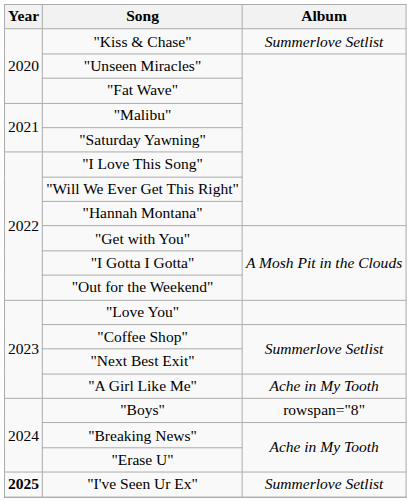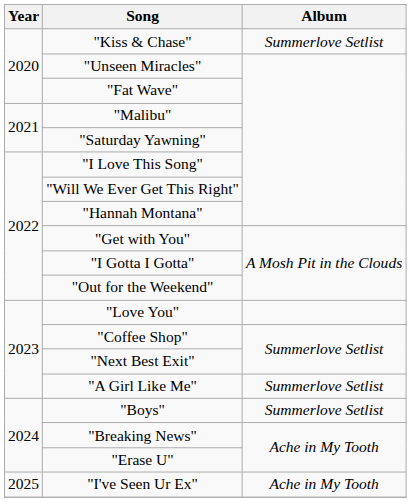 <table class="wikitable plainrowheaders" style=text-align:center;>
 <tr>
 <th>Year</th>
 <th>Song</th>
 <th>Album</th>
 </tr>
 <tr>
 <td rowspan="3">2020</td>
 <td>"Kiss & Chase"</td>
 <td><em>Summerlove Setlist</em></td>
 </tr>
 <tr>
 <td>"Unseen Miracles"</td>
 </tr>
 <tr>
 <td>"Fat Wave"</td>
 </tr>
 <tr>
 <td rowspan="2">2021</td>
 <td>"Malibu"</td>
 </tr>
 <tr>
 <td>"Saturday Yawning"</td>
 </tr>
 <tr>
 <td rowspan="6">2022</td>
 <td>"I Love This Song"</td>
 </tr>
 <tr>
 <td>"Will We Ever Get This Right"</td>
 </tr>
 <tr>
 <td>"Hannah Montana"</td>
 </tr>
 <tr>
 <td>"Get with You"</td>
 <td rowspan="3"><em>A Mosh Pit in the Clouds</em></td>
 </tr>
 <tr>
 <td>"I Gotta I Gotta"</td>
 </tr>
 <tr>
 <td>"Out for the Weekend"</td>
 </tr>
 <tr>
 <td rowspan="4">2023</td>
 <td>"Love You"</td>
 <td></td>
 </tr>
 <tr>
 <td>"Coffee Shop"</td>
 <td rowspan="2"><em>Summerlove Setlist</em></td>
 </tr>
 <tr>
 <td>"Next Best Exit"</td>
 </tr>
 <tr>
 <td>"A Girl Like Me"</td>
-<td><em>Ache in My Tooth</em></td>
+<td><em>Summerlove Setlist</em></td>
 </tr>
 <tr>
 <td rowspan="3">2024</td>
 <td>"Boys"</td>
-<td>rowspan="8" </td>
+<td><em>Summerlove Setlist</em></td>
 </tr>
 <tr>
 <td>"Breaking News"</td>
 <td rowspan="2"><em>Ache in My Tooth</em></td>
 </tr>
 <tr>
 <td>"Erase U"</td>
 </tr>
 <tr>
-<td><strong>2025</strong></td>
+<td>2025</td>
 <td>"I've Seen Ur Ex"</td>
-<td><em>Summerlove Setlist</em></td>
+<td><em>Ache in My Tooth</em></td>
 </tr>
 <tr>
 </tr>
 </table>
